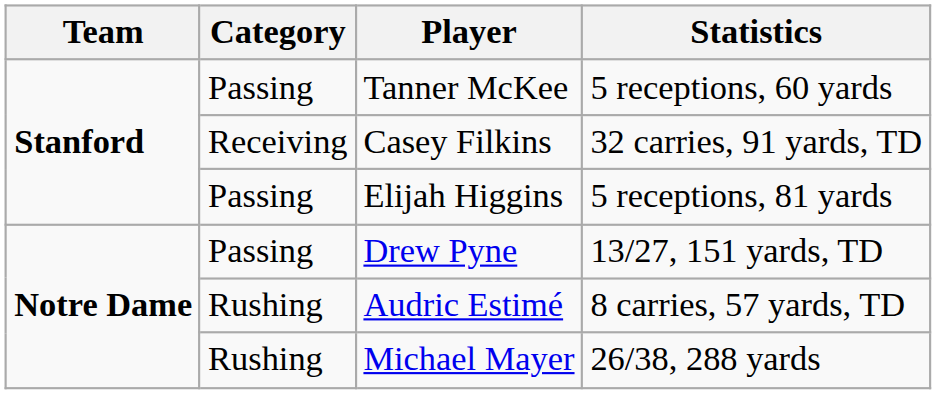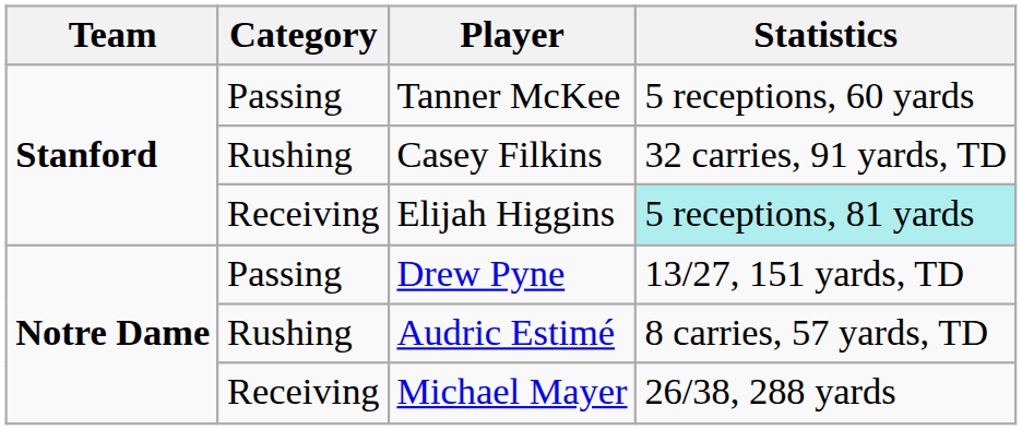 <table class="wikitable" style="float: right;">
 <tr>
 <th>Team</th>
 <th>Category</th>
 <th>Player</th>
 <th>Statistics</th>
 </tr>
 <tr>
 <td rowspan=3><strong>Stanford</strong></td>
 <td>Passing</td>
 <td>Tanner McKee</td>
 <td>5 receptions, 60 yards</td>
 </tr>
 <tr>
-<td>Receiving</td>
+<td>Rushing</td>
 <td>Casey Filkins</td>
 <td>32 carries, 91 yards, TD</td>
 </tr>
 <tr>
-<td>Passing</td>
+<td>Receiving</td>
 <td>Elijah Higgins</td>
-<td>5 receptions, 81 yards</td>
+<td style="background: paleturquoise;">5 receptions, 81 yards</td>
 </tr>
 <tr>
 <td rowspan=3><strong>Notre Dame</strong></td>
 <td>Passing</td>
 <td><a href='#'>Drew Pyne</a></td>
 <td>13/27, 151 yards, TD</td>
 </tr>
 <tr>
 <td>Rushing</td>
 <td><a href='#'>Audric Estimé</a></td>
 <td>8 carries, 57 yards, TD</td>
 </tr>
 <tr>
-<td>Rushing</td>
+<td>Receiving</td>
 <td><a href='#'>Michael Mayer</a></td>
 <td>26/38, 288 yards</td>
 </tr>
 </table>
